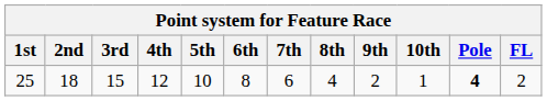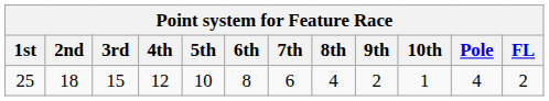 <table class="wikitable" style="font-size:95%; text-align:center">
 <tr>
 <th colspan="12">Point system for Feature Race</th>
 </tr>
 <tr>
 <th> 1st </th>
 <th> 2nd </th>
 <th> 3rd </th>
 <th> 4th </th>
 <th> 5th </th>
 <th> 6th </th>
 <th> 7th </th>
 <th> 8th </th>
 <th> 9th </th>
 <th> 10th </th>
 <th> <strong><a href='#'>Pole</a></strong> </th>
 <th> <strong><a href='#'>FL</a></strong> </th>
 </tr>
 <tr>
 <td>25</td>
 <td>18</td>
 <td>15</td>
 <td>12</td>
 <td>10</td>
 <td>8</td>
 <td>6</td>
 <td>4</td>
 <td>2</td>
 <td>1</td>
-<td><strong>4</strong></td>
+<td>4</td>
 <td>2</td>
 </tr>
 </table>
